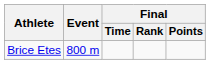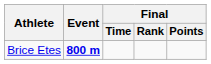 <table class="wikitable" style="font-size:90%;">
 <tr>
 <th rowspan=2>Athlete</th>
 <th rowspan=2>Event</th>
 <th colspan=3>Final</th>
 </tr>
 <tr style="font-size:95%">
 <th>Time</th>
 <th>Rank</th>
 <th>Points</th>
 </tr>
 <tr align=center>
 <td align=left><a href='#'>Brice Etes</a></td>
-<td align=left><a href='#'>800 m</a></td>
+<td align=left><strong><a href='#'>800 m</a></strong></td>
 <td></td>
 <td></td>
 <td></td>
 </tr>
 </table>
